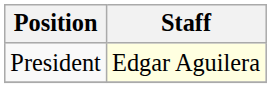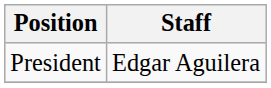 <table class=wikitable>
 <tr>
 <th>Position</th>
 <th>Staff</th>
 </tr>
 <tr>
 <td>President</td>
-<td style="background: lightyellow;"> Edgar Aguilera</td>
+<td> Edgar Aguilera</td>
 </tr>
 <tr>
 </tr>
 </table>
